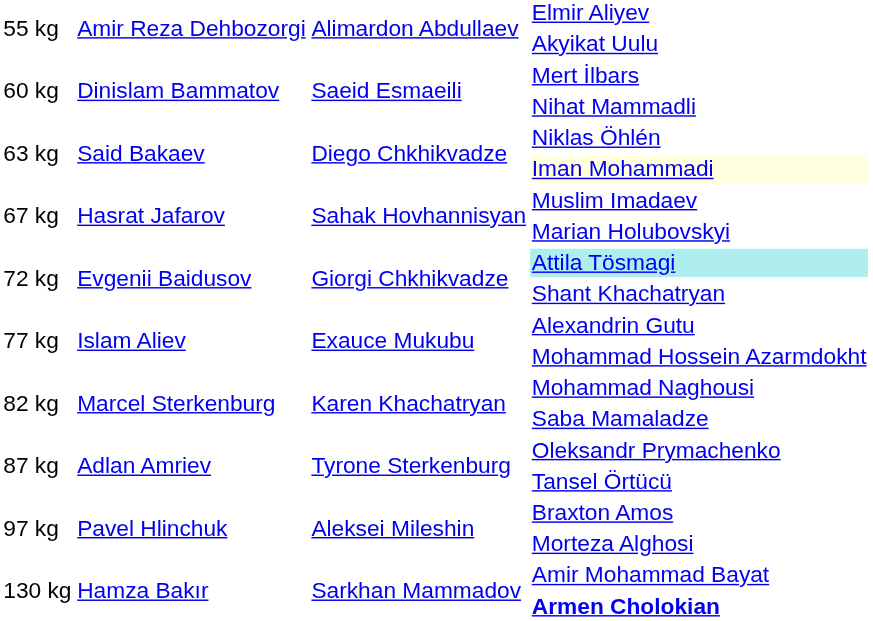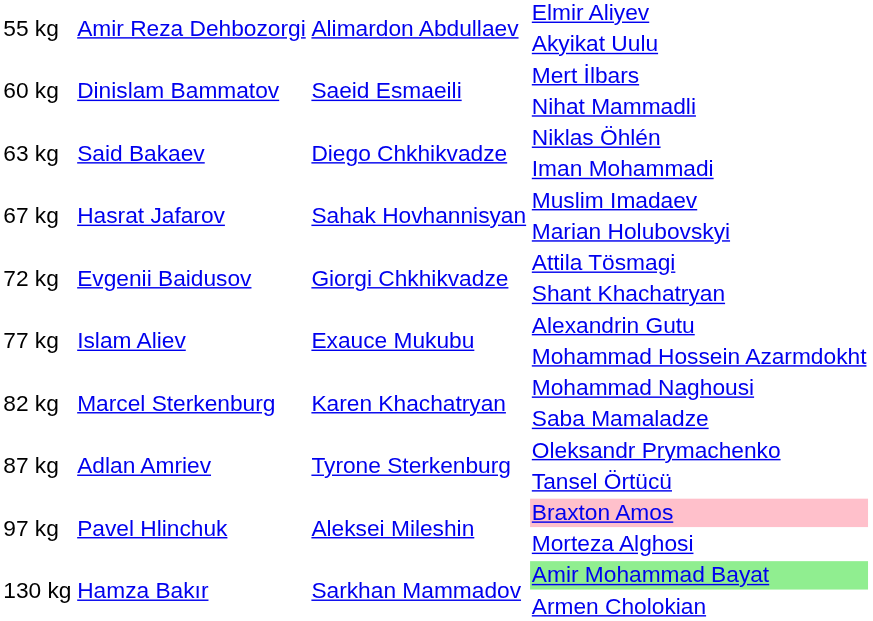 <table>
 <tr>
 <td rowspan=2>55 kg</td>
 <td rowspan=2> <a href='#'>Amir Reza Dehbozorgi</a></td>
 <td rowspan=2> <a href='#'>Alimardon Abdullaev</a></td>
 <td> <a href='#'>Elmir Aliyev</a></td>
 </tr>
 <tr>
 <td> <a href='#'>Akyikat Uulu</a></td>
 </tr>
 <tr>
 <td rowspan=2>60 kg</td>
 <td rowspan=2> <a href='#'>Dinislam Bammatov</a></td>
 <td rowspan=2> <a href='#'>Saeid Esmaeili</a></td>
 <td> <a href='#'>Mert İlbars</a></td>
 </tr>
 <tr>
 <td> <a href='#'>Nihat Mammadli</a></td>
 </tr>
 <tr>
 <td rowspan=2>63 kg</td>
 <td rowspan=2> <a href='#'>Said Bakaev</a></td>
 <td rowspan=2> <a href='#'>Diego Chkhikvadze</a></td>
 <td> <a href='#'>Niklas Öhlén</a></td>
 </tr>
 <tr>
-<td style="background: lightyellow;"> <a href='#'>Iman Mohammadi</a></td>
+<td> <a href='#'>Iman Mohammadi</a></td>
 </tr>
 <tr>
 <td rowspan=2>67 kg</td>
 <td rowspan=2> <a href='#'>Hasrat Jafarov</a></td>
 <td rowspan=2> <a href='#'>Sahak Hovhannisyan</a></td>
 <td> <a href='#'>Muslim Imadaev</a></td>
 </tr>
 <tr>
 <td> <a href='#'>Marian Holubovskyi</a></td>
 </tr>
 <tr>
 <td rowspan=2>72 kg</td>
 <td rowspan=2> <a href='#'>Evgenii Baidusov</a></td>
 <td rowspan=2> <a href='#'>Giorgi Chkhikvadze</a></td>
-<td style="background: paleturquoise;"> <a href='#'>Attila Tösmagi</a></td>
+<td> <a href='#'>Attila Tösmagi</a></td>
 </tr>
 <tr>
 <td> <a href='#'>Shant Khachatryan</a></td>
 </tr>
 <tr>
 <td rowspan=2>77 kg</td>
 <td rowspan=2> <a href='#'>Islam Aliev</a></td>
 <td rowspan=2> <a href='#'>Exauce Mukubu</a></td>
 <td> <a href='#'>Alexandrin Gutu</a></td>
 </tr>
 <tr>
 <td> <a href='#'>Mohammad Hossein Azarmdokht</a></td>
 </tr>
 <tr>
 <td rowspan=2>82 kg</td>
 <td rowspan=2> <a href='#'>Marcel Sterkenburg</a></td>
 <td rowspan=2> <a href='#'>Karen Khachatryan</a></td>
 <td> <a href='#'>Mohammad Naghousi</a></td>
 </tr>
 <tr>
 <td> <a href='#'>Saba Mamaladze</a></td>
 </tr>
 <tr>
 <td rowspan=2>87 kg</td>
 <td rowspan=2> <a href='#'>Adlan Amriev</a></td>
 <td rowspan=2> <a href='#'>Tyrone Sterkenburg</a></td>
 <td> <a href='#'>Oleksandr Prymachenko</a></td>
 </tr>
 <tr>
 <td> <a href='#'>Tansel Örtücü</a></td>
 </tr>
 <tr>
 <td rowspan=2>97 kg</td>
 <td rowspan=2> <a href='#'>Pavel Hlinchuk</a></td>
 <td rowspan=2> <a href='#'>Aleksei Mileshin</a></td>
-<td> <a href='#'>Braxton Amos</a></td>
+<td style="background: pink;"> <a href='#'>Braxton Amos</a></td>
 </tr>
 <tr>
 <td> <a href='#'>Morteza Alghosi</a></td>
 </tr>
 <tr>
 <td rowspan=2>130 kg</td>
 <td rowspan=2> <a href='#'>Hamza Bakır</a></td>
 <td rowspan=2> <a href='#'>Sarkhan Mammadov</a></td>
-<td> <a href='#'>Amir Mohammad Bayat</a></td>
+<td style="background: lightgreen;"> <a href='#'>Amir Mohammad Bayat</a></td>
 </tr>
 <tr>
-<td><strong> <a href='#'>Armen Cholokian</a></strong></td>
+<td> <a href='#'>Armen Cholokian</a></td>
 </tr>
 </table>
